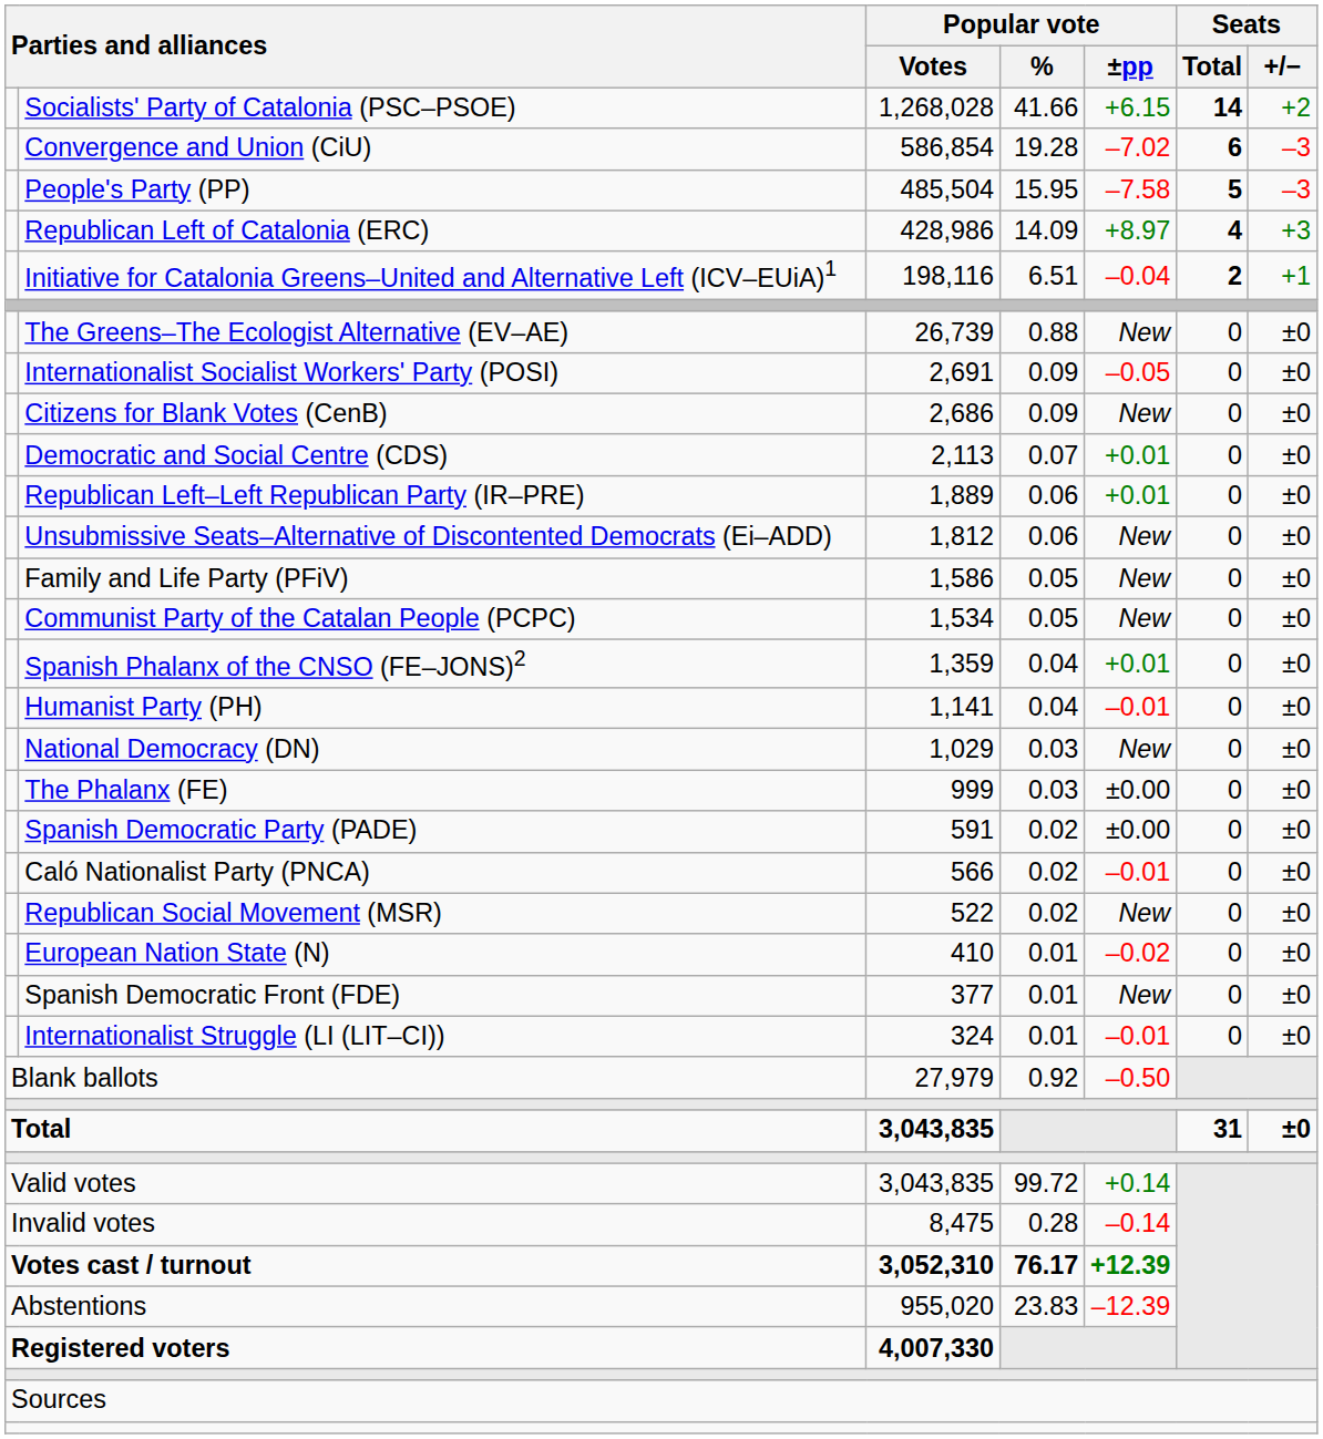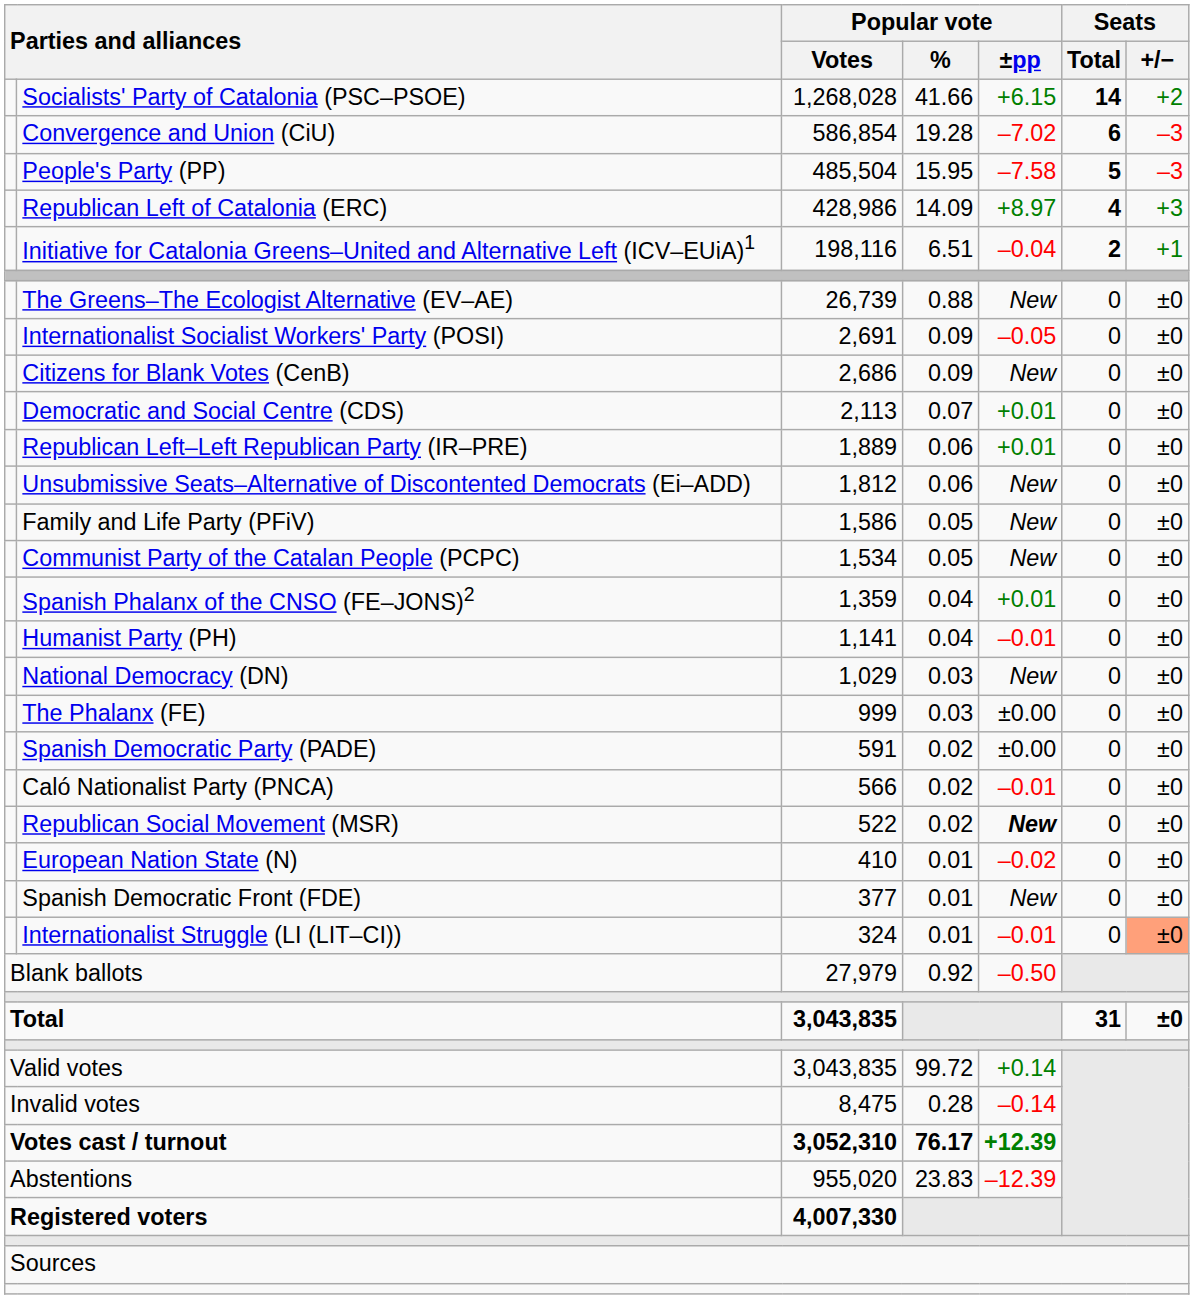 <table class="wikitable" style="text-align:right;">
 <tr>
 <th style="text-align:left;" rowspan="2" colspan="2" width="525">Parties and alliances</th>
 <th colspan="3">Popular vote</th>
 <th colspan="2">Seats</th>
 </tr>
 <tr>
 <th width="75">Votes</th>
 <th width="45">%</th>
 <th width="45">±<a href='#'>pp</a></th>
 <th width="35">Total</th>
 <th width="35">+/−</th>
 </tr>
 <tr>
 <td width="1" style="color:inherit;background:"></td>
 <td align="left"><a href='#'>Socialists' Party of Catalonia</a> (PSC–PSOE)</td>
 <td>1,268,028</td>
 <td>41.66</td>
 <td style="color:green;">+6.15</td>
 <td><strong>14</strong></td>
 <td style="color:green;">+2</td>
 </tr>
 <tr>
 <td style="color:inherit;background:"></td>
 <td align="left"><a href='#'>Convergence and Union</a> (CiU)</td>
 <td>586,854</td>
 <td>19.28</td>
 <td style="color:red;">–7.02</td>
 <td><strong>6</strong></td>
 <td style="color:red;">–3</td>
 </tr>
 <tr>
 <td style="color:inherit;background:"></td>
 <td align="left"><a href='#'>People's Party</a> (PP)</td>
 <td>485,504</td>
 <td>15.95</td>
 <td style="color:red;">–7.58</td>
 <td><strong>5</strong></td>
 <td style="color:red;">–3</td>
 </tr>
 <tr>
 <td style="color:inherit;background:"></td>
 <td align="left"><a href='#'>Republican Left of Catalonia</a> (ERC)</td>
 <td>428,986</td>
 <td>14.09</td>
 <td style="color:green;">+8.97</td>
 <td><strong>4</strong></td>
 <td style="color:green;">+3</td>
 </tr>
 <tr>
 <td style="color:inherit;background:"></td>
 <td align="left"><a href='#'>Initiative for Catalonia Greens–United and Alternative Left</a> (ICV–EUiA)<sup>1</sup></td>
 <td>198,116</td>
 <td>6.51</td>
 <td style="color:red;">–0.04</td>
 <td><strong>2</strong></td>
 <td style="color:green;">+1</td>
 </tr>
 <tr>
 <td colspan="7" bgcolor="#C0C0C0"></td>
 </tr>
 <tr>
 <td style="color:inherit;background:"></td>
 <td align="left"><a href='#'>The Greens–The Ecologist Alternative</a> (EV–AE)</td>
 <td>26,739</td>
 <td>0.88</td>
 <td><em>New</em></td>
 <td>0</td>
 <td>±0</td>
 </tr>
 <tr>
 <td style="color:inherit;background:"></td>
 <td align="left"><a href='#'>Internationalist Socialist Workers' Party</a> (POSI)</td>
 <td>2,691</td>
 <td>0.09</td>
 <td style="color:red;">–0.05</td>
 <td>0</td>
 <td>±0</td>
 </tr>
 <tr>
 <td style="color:inherit;background:"></td>
 <td align="left"><a href='#'>Citizens for Blank Votes</a> (CenB)</td>
 <td>2,686</td>
 <td>0.09</td>
 <td><em>New</em></td>
 <td>0</td>
 <td>±0</td>
 </tr>
 <tr>
 <td style="color:inherit;background:"></td>
 <td align="left"><a href='#'>Democratic and Social Centre</a> (CDS)</td>
 <td>2,113</td>
 <td>0.07</td>
 <td style="color:green;">+0.01</td>
 <td>0</td>
 <td>±0</td>
 </tr>
 <tr>
 <td style="color:inherit;background:"></td>
 <td align="left"><a href='#'>Republican Left–Left Republican Party</a> (IR–PRE)</td>
 <td>1,889</td>
 <td>0.06</td>
 <td style="color:green;">+0.01</td>
 <td>0</td>
 <td>±0</td>
 </tr>
 <tr>
 <td style="color:inherit;background:"></td>
 <td align="left"><a href='#'>Unsubmissive Seats–Alternative of Discontented Democrats</a> (Ei–ADD)</td>
 <td>1,812</td>
 <td>0.06</td>
 <td><em>New</em></td>
 <td>0</td>
 <td>±0</td>
 </tr>
 <tr>
 <td style="color:inherit;background:"></td>
 <td align="left">Family and Life Party (PFiV)</td>
 <td>1,586</td>
 <td>0.05</td>
 <td><em>New</em></td>
 <td>0</td>
 <td>±0</td>
 </tr>
 <tr>
 <td style="color:inherit;background:"></td>
 <td align="left"><a href='#'>Communist Party of the Catalan People</a> (PCPC)</td>
 <td>1,534</td>
 <td>0.05</td>
 <td><em>New</em></td>
 <td>0</td>
 <td>±0</td>
 </tr>
 <tr>
 <td style="color:inherit;background:"></td>
 <td align="left"><a href='#'>Spanish Phalanx of the CNSO</a> (FE–JONS)<sup>2</sup></td>
 <td>1,359</td>
 <td>0.04</td>
 <td style="color:green;">+0.01</td>
 <td>0</td>
 <td>±0</td>
 </tr>
 <tr>
 <td style="color:inherit;background:"></td>
 <td align="left"><a href='#'>Humanist Party</a> (PH)</td>
 <td>1,141</td>
 <td>0.04</td>
 <td style="color:red;">–0.01</td>
 <td>0</td>
 <td>±0</td>
 </tr>
 <tr>
 <td style="color:inherit;background:"></td>
 <td align="left"><a href='#'>National Democracy</a> (DN)</td>
 <td>1,029</td>
 <td>0.03</td>
 <td><em>New</em></td>
 <td>0</td>
 <td>±0</td>
 </tr>
 <tr>
 <td style="color:inherit;background:"></td>
 <td align="left"><a href='#'>The Phalanx</a> (FE)</td>
 <td>999</td>
 <td>0.03</td>
 <td>±0.00</td>
 <td>0</td>
 <td>±0</td>
 </tr>
 <tr>
 <td style="color:inherit;background:"></td>
 <td align="left"><a href='#'>Spanish Democratic Party</a> (PADE)</td>
 <td>591</td>
 <td>0.02</td>
 <td>±0.00</td>
 <td>0</td>
 <td>±0</td>
 </tr>
 <tr>
 <td style="color:inherit;background:"></td>
 <td align="left">Caló Nationalist Party (PNCA)</td>
 <td>566</td>
 <td>0.02</td>
 <td style="color:red;">–0.01</td>
 <td>0</td>
 <td>±0</td>
 </tr>
 <tr>
 <td style="color:inherit;background:"></td>
 <td align="left"><a href='#'>Republican Social Movement</a> (MSR)</td>
 <td>522</td>
 <td>0.02</td>
-<td><em>New</em></td>
+<td><strong><em>New</em></strong></td>
 <td>0</td>
 <td>±0</td>
 </tr>
 <tr>
 <td style="color:inherit;background:"></td>
 <td align="left"><a href='#'>European Nation State</a> (N)</td>
 <td>410</td>
 <td>0.01</td>
 <td style="color:red;">–0.02</td>
 <td>0</td>
 <td>±0</td>
 </tr>
 <tr>
 <td style="color:inherit;background:"></td>
 <td align="left">Spanish Democratic Front (FDE)</td>
 <td>377</td>
 <td>0.01</td>
 <td><em>New</em></td>
 <td>0</td>
 <td>±0</td>
 </tr>
 <tr>
 <td style="color:inherit;background:"></td>
 <td align="left"><a href='#'>Internationalist Struggle</a> (LI (LIT–CI))</td>
 <td>324</td>
 <td>0.01</td>
 <td style="color:red;">–0.01</td>
 <td>0</td>
-<td>±0</td>
+<td style="background: lightsalmon;">±0</td>
 </tr>
 <tr>
 <td align="left" colspan="2">Blank ballots</td>
 <td>27,979</td>
 <td>0.92</td>
 <td style="color:red;">–0.50</td>
 <td bgcolor="#E9E9E9" colspan="2"></td>
 </tr>
 <tr>
 <td colspan="7" bgcolor="#E9E9E9"></td>
 </tr>
 <tr style="font-weight:bold;">
 <td align="left" colspan="2">Total</td>
 <td>3,043,835</td>
 <td bgcolor="#E9E9E9" colspan="2"></td>
 <td>31</td>
 <td>±0</td>
 </tr>
 <tr>
 <td colspan="7" bgcolor="#E9E9E9"></td>
 </tr>
 <tr>
 <td align="left" colspan="2">Valid votes</td>
 <td>3,043,835</td>
 <td>99.72</td>
 <td style="color:green;">+0.14</td>
 <td bgcolor="#E9E9E9" colspan="2" rowspan="5"></td>
 </tr>
 <tr>
 <td align="left" colspan="2">Invalid votes</td>
 <td>8,475</td>
 <td>0.28</td>
 <td style="color:red;">–0.14</td>
 </tr>
 <tr style="font-weight:bold;">
 <td align="left" colspan="2">Votes cast / turnout</td>
 <td>3,052,310</td>
 <td>76.17</td>
 <td style="color:green;">+12.39</td>
 </tr>
 <tr>
 <td align="left" colspan="2">Abstentions</td>
 <td>955,020</td>
 <td>23.83</td>
 <td style="color:red;">–12.39</td>
 </tr>
 <tr style="font-weight:bold;">
 <td align="left" colspan="2">Registered voters</td>
 <td>4,007,330</td>
 <td bgcolor="#E9E9E9" colspan="2"></td>
 </tr>
 <tr>
 <td colspan="7" bgcolor="#E9E9E9"></td>
 </tr>
 <tr>
 <td align="left" colspan="7">Sources</td>
 </tr>
 <tr>
 <td colspan="7" style="text-align:left; max-width:790px;"></td>
 </tr>
 </table>
